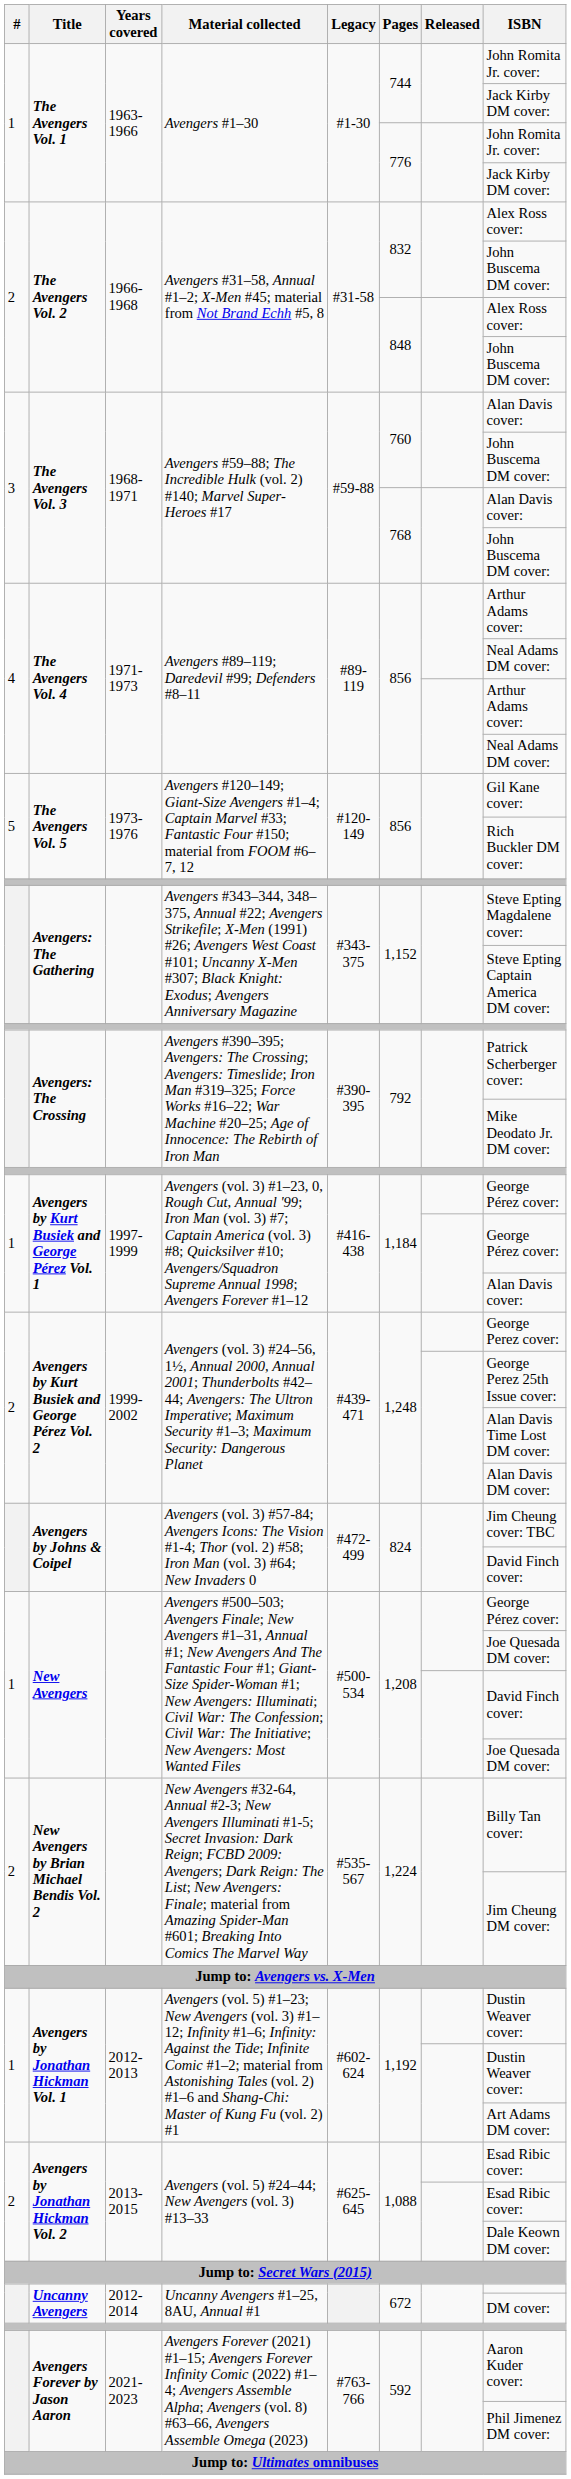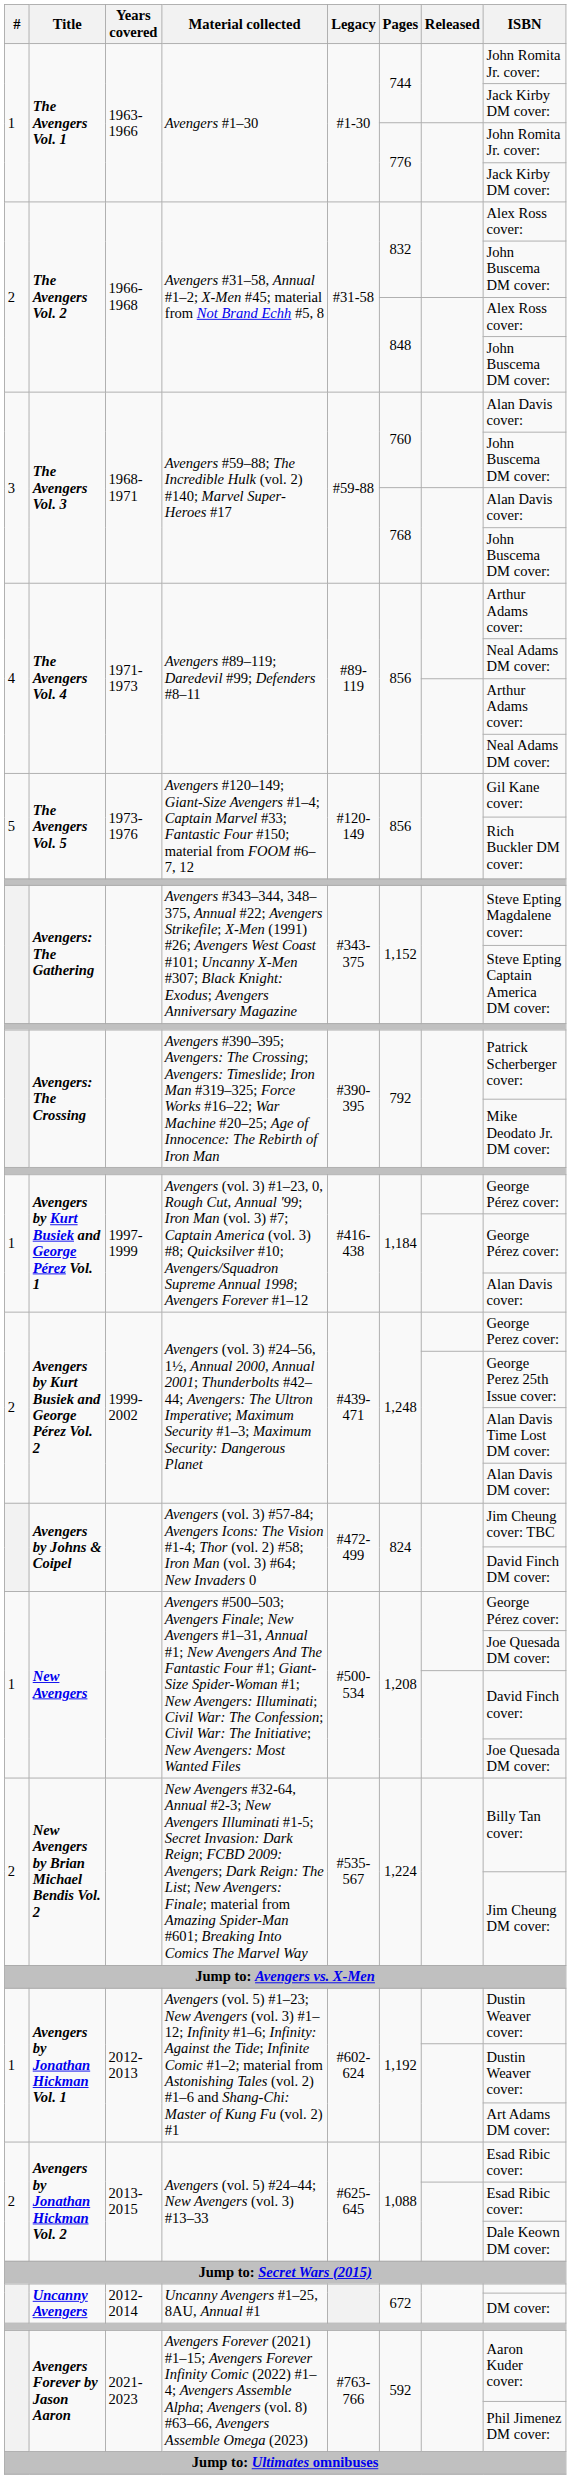 <table class="wikitable sortable" width="99%">
 <tr>
 <th class="unsortable" width="20px">#</th>
 <th>Title</th>
 <th>Years covered</th>
 <th class="unsortable">Material collected</th>
 <th>Legacy</th>
 <th>Pages</th>
 <th>Released</th>
 <th class="unsortable">ISBN</th>
 </tr>
 <tr>
 <td rowspan=4>1</td>
 <td rowspan=4><strong><em>The Avengers Vol. 1</em></strong></td>
 <td rowspan=4>1963-1966</td>
 <td rowspan=4><em>Avengers</em> #1–30</td>
 <td rowspan=4 style="text-align: center;">#1-30</td>
 <td rowspan=2 style="text-align: center;">744</td>
 <td rowspan=2></td>
 <td>John Romita Jr. cover: </td>
 </tr>
 <tr>
 <td>Jack Kirby DM cover: </td>
 </tr>
 <tr>
 <td rowspan=2 style="text-align: center;">776</td>
 <td rowspan=2></td>
 <td>John Romita Jr. cover: </td>
 </tr>
 <tr>
 <td>Jack Kirby DM cover: </td>
 </tr>
 <tr>
 <td rowspan=4>2</td>
 <td rowspan=4><strong><em>The Avengers Vol. 2</em></strong></td>
 <td rowspan=4>1966-1968</td>
 <td rowspan=4><em>Avengers</em> #31–58, <em>Annual</em> #1–2; <em>X-Men</em> #45; material from <em><a href='#'>Not Brand Echh</a></em> #5, 8</td>
 <td rowspan=4 style="text-align: center;">#31-58</td>
 <td rowspan=2 style="text-align: center;">832</td>
 <td rowspan=2></td>
 <td>Alex Ross cover: </td>
 </tr>
 <tr>
 <td>John Buscema DM cover: </td>
 </tr>
 <tr>
 <td rowspan=2 style="text-align: center;">848</td>
 <td rowspan=2></td>
 <td>Alex Ross cover: </td>
 </tr>
 <tr>
 <td>John Buscema DM cover: </td>
 </tr>
 <tr>
 <td rowspan=4>3</td>
 <td rowspan=4><strong><em>The Avengers Vol. 3</em></strong></td>
 <td rowspan=4>1968-1971</td>
 <td rowspan=4><em>Avengers</em> #59–88; <em>The Incredible Hulk</em> (vol. 2) #140; <em>Marvel Super-Heroes</em> #17</td>
 <td rowspan=4 style="text-align: center;">#59-88</td>
 <td rowspan=2 style="text-align: center;">760</td>
 <td rowspan=2></td>
 <td>Alan Davis cover: </td>
 </tr>
 <tr>
 <td>John Buscema DM cover: </td>
 </tr>
 <tr>
 <td rowspan=2 style="text-align: center;">768</td>
 <td rowspan=2></td>
 <td>Alan Davis cover: </td>
 </tr>
 <tr>
 <td>John Buscema DM cover: </td>
 </tr>
 <tr>
 <td rowspan=4>4</td>
 <td rowspan=4><strong><em>The Avengers Vol. 4</em></strong></td>
 <td rowspan=4>1971-1973</td>
 <td rowspan=4><em>Avengers</em> #89–119; <em>Daredevil</em> #99; <em>Defenders</em> #8–11</td>
 <td rowspan=4 style="text-align: center;">#89-119</td>
 <td rowspan=4 style="text-align: center;">856</td>
 <td rowspan=2></td>
 <td>Arthur Adams cover: </td>
 </tr>
 <tr>
 <td>Neal Adams DM cover: </td>
 </tr>
 <tr>
 <td rowspan=2></td>
 <td>Arthur Adams cover: </td>
 </tr>
 <tr>
 <td>Neal Adams DM cover: </td>
 </tr>
 <tr>
 <td rowspan=2>5</td>
 <td rowspan=2><strong><em>The Avengers Vol. 5</em></strong></td>
 <td rowspan=2>1973-1976</td>
 <td rowspan=2><em>Avengers</em> #120–149; <em>Giant-Size Avengers</em> #1–4; <em>Captain Marvel</em> #33; <em>Fantastic Four</em> #150; material from <em>FOOM</em> #6–7, 12</td>
 <td rowspan=2 style="text-align: center;">#120-149</td>
 <td rowspan=2 style="text-align: center;">856</td>
 <td rowspan=2></td>
 <td>Gil Kane cover: </td>
 </tr>
 <tr>
 <td>Rich Buckler DM cover: </td>
 </tr>
 <tr>
 <th colspan=8 style="background-color: silver;"></th>
 </tr>
 <tr>
 <th rowspan=2 style="background-color: light grey;"></th>
 <td rowspan=2><strong><em>Avengers: The Gathering</em></strong></td>
 <td rowspan=2></td>
 <td rowspan=2><em>Avengers</em> #343–344, 348–375, <em>Annual</em> #22; <em>Avengers Strikefile</em>; <em>X-Men</em> (1991) #26; <em>Avengers West Coast</em> #101; <em>Uncanny X-Men</em> #307; <em>Black Knight: Exodus</em>; <em>Avengers Anniversary Magazine</em></td>
 <td rowspan=2 style="text-align: center;">#343-375</td>
 <td rowspan=2 style="text-align: center;">1,152</td>
 <td rowspan=2></td>
 <td>Steve Epting Magdalene cover: </td>
 </tr>
 <tr>
 <td>Steve Epting Captain America DM cover: </td>
 </tr>
 <tr>
 <th colspan=8 style="background-color: silver;"></th>
 </tr>
 <tr>
 <th rowspan=2 style="background-color: light grey;"></th>
 <td rowspan=2><strong><em>Avengers: The Crossing</em></strong></td>
 <td rowspan=2></td>
 <td rowspan=2><em>Avengers</em> #390–395; <em>Avengers: The Crossing</em>; <em>Avengers: Timeslide</em>; <em>Iron Man</em> #319–325; <em>Force Works</em> #16–22; <em>War Machine</em> #20–25; <em>Age of Innocence: The Rebirth of Iron Man</em></td>
 <td rowspan=2 style="text-align: center;">#390-395</td>
 <td rowspan=2 style="text-align: center;">792</td>
 <td rowspan=2></td>
 <td>Patrick Scherberger cover: </td>
 </tr>
 <tr>
 <td>Mike Deodato Jr. DM cover: </td>
 </tr>
 <tr>
 <th colspan=8 style="background-color: silver;"></th>
 </tr>
 <tr>
 <td rowspan=3>1</td>
 <td rowspan=3><strong><em>Avengers by <a href='#'>Kurt Busiek</a> and <a href='#'>George Pérez</a> Vol. 1</em></strong></td>
 <td rowspan=3>1997-1999</td>
 <td rowspan=3><em>Avengers</em> (vol. 3) #1–23, 0, <em>Rough Cut</em>, <em>Annual '99</em>; <em>Iron Man</em> (vol. 3) #7; <em>Captain America</em> (vol. 3) #8; <em>Quicksilver</em> #10; <em>Avengers/Squadron Supreme Annual 1998</em>; <em>Avengers Forever</em> #1–12</td>
 <td rowspan=3 style="text-align: center;">#416-438</td>
 <td rowspan=3 style="text-align: center;">1,184</td>
 <td></td>
 <td>George Pérez cover: </td>
 </tr>
 <tr>
 <td rowspan=2></td>
 <td>George Pérez cover: </td>
 </tr>
 <tr>
 <td>Alan Davis cover: </td>
 </tr>
 <tr>
 <td rowspan=4>2</td>
 <td rowspan=4><strong><em>Avengers by Kurt Busiek and George Pérez Vol. 2</em></strong></td>
 <td rowspan=4>1999-2002</td>
 <td rowspan=4><em>Avengers</em> (vol. 3) #24–56, 1½, <em>Annual 2000</em>, <em>Annual 2001</em>; <em>Thunderbolts</em> #42–44; <em>Avengers: The Ultron Imperative</em>; <em>Maximum Security</em> #1–3; <em>Maximum Security: Dangerous Planet</em></td>
 <td rowspan=4 style="text-align: center;">#439-471</td>
 <td rowspan=4 style="text-align: center;">1,248</td>
 <td></td>
 <td>George Perez cover: </td>
 </tr>
 <tr>
 <td rowspan=3></td>
 <td>George Perez 25th Issue cover: </td>
 </tr>
 <tr>
 <td>Alan Davis Time Lost DM cover: </td>
 </tr>
 <tr>
 <td>Alan Davis DM cover: </td>
 </tr>
 <tr>
 <th rowspan=2></th>
 <td rowspan=2><strong><em>Avengers by Johns & Coipel</em></strong></td>
 <td rowspan=2></td>
 <td rowspan=2><em>Avengers</em> (vol. 3) #57-84; <em>Avengers Icons: The Vision</em> #1-4; <em>Thor</em> (vol. 2) #58; <em>Iron Man</em> (vol. 3) #64; <em>New Invaders</em> 0</td>
 <td rowspan=2 style="text-align: center;">#472-499</td>
 <td rowspan=2 style="text-align: center;">824</td>
 <td rowspan=2></td>
 <td>Jim Cheung cover: TBC</td>
 </tr>
 <tr>
-<td>David Finch cover: </td>
+<td>David Finch DM cover: </td>
 </tr>
 <tr>
 <td rowspan=4>1</td>
 <td rowspan=4><strong><em><a href='#'>New Avengers</a></em></strong></td>
 <td rowspan=4></td>
 <td rowspan=4><em>Avengers</em> #500–503; <em>Avengers Finale</em>; <em>New Avengers</em> #1–31, <em>Annual</em> #1; <em>New Avengers And The Fantastic Four</em> #1; <em>Giant-Size Spider-Woman</em> #1; <em>New Avengers: Illuminati</em>; <em>Civil War: The Confession</em>; <em>Civil War: The Initiative</em>; <em>New Avengers: Most Wanted Files</em></td>
 <td rowspan=4 style="text-align: center;">#500-534</td>
 <td rowspan=4 style="text-align: center;">1,208</td>
 <td rowspan=2></td>
 <td>George Pérez cover: </td>
 </tr>
 <tr>
 <td>Joe Quesada DM cover: </td>
 </tr>
 <tr>
 <td rowspan=2></td>
 <td>David Finch cover: </td>
 </tr>
 <tr>
 <td>Joe Quesada DM cover: </td>
 </tr>
 <tr>
 <td rowspan=2>2</td>
 <td rowspan=2><strong><em>New Avengers by Brian Michael Bendis Vol. 2</em></strong></td>
 <td rowspan=2></td>
 <td rowspan=2><em>New Avengers</em> #32-64, <em>Annual</em> #2-3; <em>New Avengers Illuminati</em> #1-5; <em>Secret Invasion: Dark Reign</em>; <em>FCBD 2009: Avengers</em>; <em>Dark Reign: The List</em>; <em>New Avengers: Finale</em>; material from <em>Amazing Spider-Man</em> #601; <em>Breaking Into Comics The Marvel Way</em></td>
 <td rowspan=2 style="text-align: center;">#535-567</td>
 <td rowspan=2 style="text-align: center;">1,224</td>
 <td rowspan=2></td>
 <td>Billy Tan cover: </td>
 </tr>
 <tr>
 <td>Jim Cheung DM cover: </td>
 </tr>
 <tr>
 <th colspan=8 style="background-color: silver;">Jump to: <a href='#'><em>Avengers vs. X-Men</em></a></th>
 </tr>
 <tr>
 <td rowspan=3>1</td>
 <td rowspan=3><strong><em>Avengers by <a href='#'>Jonathan Hickman</a> Vol. 1</em></strong></td>
 <td rowspan=3>2012-2013</td>
 <td rowspan=3><em>Avengers</em> (vol. 5) #1–23; <em>New Avengers</em> (vol. 3) #1–12; <em>Infinity</em> #1–6; <em>Infinity: Against the Tide</em>; <em>Infinite Comic</em> #1–2; material from <em>Astonishing Tales</em> (vol. 2) #1–6 and <em>Shang-Chi: Master of Kung Fu</em> (vol. 2) #1</td>
 <td rowspan=3 style="text-align: center;">#602-624</td>
 <td rowspan=3 style="text-align: center;">1,192</td>
 <td></td>
 <td>Dustin Weaver cover: </td>
 </tr>
 <tr>
 <td rowspan=2></td>
 <td>Dustin Weaver cover: </td>
 </tr>
 <tr>
 <td>Art Adams DM cover: </td>
 </tr>
 <tr>
 <td rowspan=3>2</td>
 <td rowspan=3><strong><em>Avengers by <a href='#'>Jonathan Hickman</a> Vol. 2</em></strong></td>
 <td rowspan=3>2013-2015</td>
 <td rowspan=3><em>Avengers</em> (vol. 5) #24–44; <em>New Avengers</em> (vol. 3) #13–33</td>
 <td rowspan=3 style="text-align: center;">#625-645</td>
 <td rowspan=3 style="text-align: center;">1,088</td>
 <td></td>
 <td>Esad Ribic cover: </td>
 </tr>
 <tr>
 <td rowspan=2></td>
 <td>Esad Ribic cover: </td>
 </tr>
 <tr>
 <td>Dale Keown DM cover: </td>
 </tr>
 <tr>
 <th colspan=8 style="background-color: silver;">Jump to: <em><a href='#'>Secret Wars (2015)</a></em></th>
 </tr>
 <tr>
 <th rowspan=2 style="background-color: light grey;"></th>
 <td rowspan=2><strong><em><a href='#'>Uncanny Avengers</a></em></strong></td>
 <td rowspan=2>2012-2014</td>
 <td rowspan=2><em>Uncanny Avengers</em> #1–25, 8AU, <em>Annual</em> #1</td>
 <th rowspan=2></th>
 <td rowspan=2 style="text-align: center;">672</td>
 <td rowspan=2></td>
 <td></td>
 </tr>
 <tr>
 <td>DM cover: </td>
 </tr>
 <tr>
 <th colspan=8 style="background-color: silver;"></th>
 </tr>
 <tr>
 <th rowspan=2 style="background-color: light grey;"></th>
 <td rowspan=2><strong><em>Avengers Forever by Jason Aaron</em></strong></td>
 <td rowspan=2>2021-2023</td>
 <td rowspan=2><em>Avengers Forever</em> (2021) #1–15; <em>Avengers Forever Infinity Comic</em> (2022) #1–4; <em>Avengers Assemble Alpha</em>; <em>Avengers</em> (vol. 8) #63–66, <em>Avengers Assemble Omega</em> (2023)</td>
 <td rowspan=2 style="text-align: center;">#763-766</td>
 <td rowspan=2 style="text-align: center;">592</td>
 <td rowspan=2></td>
 <td>Aaron Kuder cover: </td>
 </tr>
 <tr>
 <td>Phil Jimenez DM cover: </td>
 </tr>
 <tr>
 <th colspan=8 style="background-color: silver;">Jump to: <a href='#'><em>Ultimates</em> omnibuses</a></th>
 </tr>
 </table>
